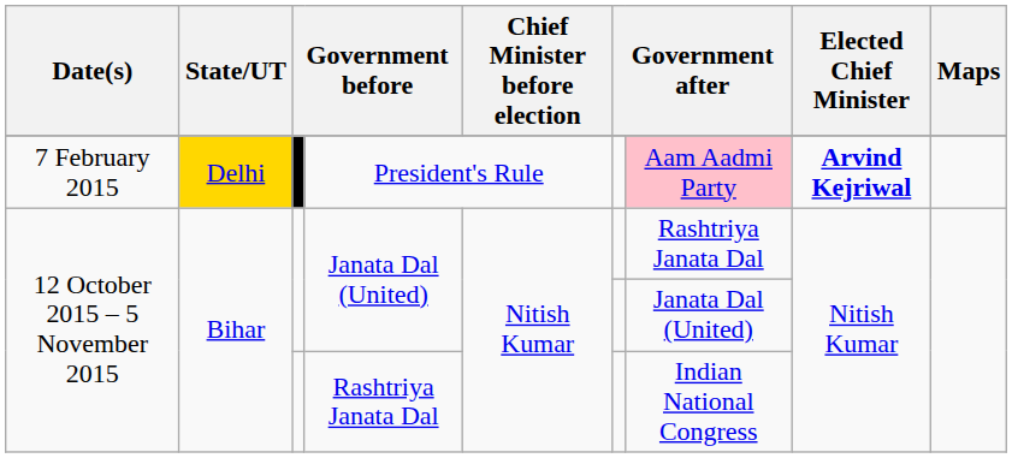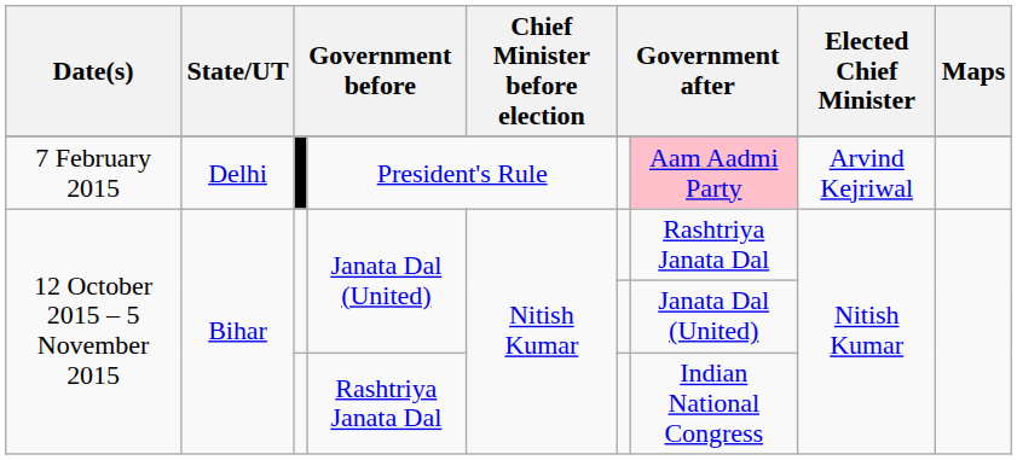 <table class="wikitable sortable">
 <tr>
 <th>Date(s)</th>
 <th>State/UT</th>
 <th colspan="2">Government before</th>
 <th>Chief Minister before election</th>
 <th colspan="2">Government after</th>
 <th>Elected Chief Minister</th>
 <th>Maps</th>
 </tr>
 <tr style="text-align:center;">
 </tr>
 <tr style="text-align:center;">
 <td>7 February 2015</td>
-<td style="background: gold;"><a href='#'>Delhi</a></td>
+<td><a href='#'>Delhi</a></td>
 <td bgcolor="#000000"></td>
 <td colspan="2" align="center"><a href='#'>President's Rule</a></td>
 <td></td>
 <td style="background: pink;"><a href='#'>Aam Aadmi Party</a></td>
-<td><strong><a href='#'>Arvind Kejriwal</a></strong></td>
+<td><a href='#'>Arvind Kejriwal</a></td>
 <td></td>
 </tr>
 <tr style="text-align:center;">
 <td rowspan=3>12 October 2015 – 5 November 2015</td>
 <td rowspan=3><a href='#'>Bihar</a></td>
 <td rowspan=2></td>
 <td rowspan=2><a href='#'>Janata Dal (United)</a></td>
 <td rowspan=3><a href='#'>Nitish Kumar</a></td>
 <td></td>
 <td><a href='#'>Rashtriya Janata Dal</a></td>
 <td rowspan=4><a href='#'>Nitish Kumar</a></td>
 <td rowspan=4></td>
 </tr>
 <tr style="text-align:center;">
 <td></td>
 <td><a href='#'>Janata Dal (United)</a></td>
 </tr>
 <tr style="text-align:center;">
 <td></td>
 <td><a href='#'>Rashtriya Janata Dal</a></td>
 <td></td>
 <td><a href='#'>Indian National Congress</a></td>
 </tr>
 </table>
